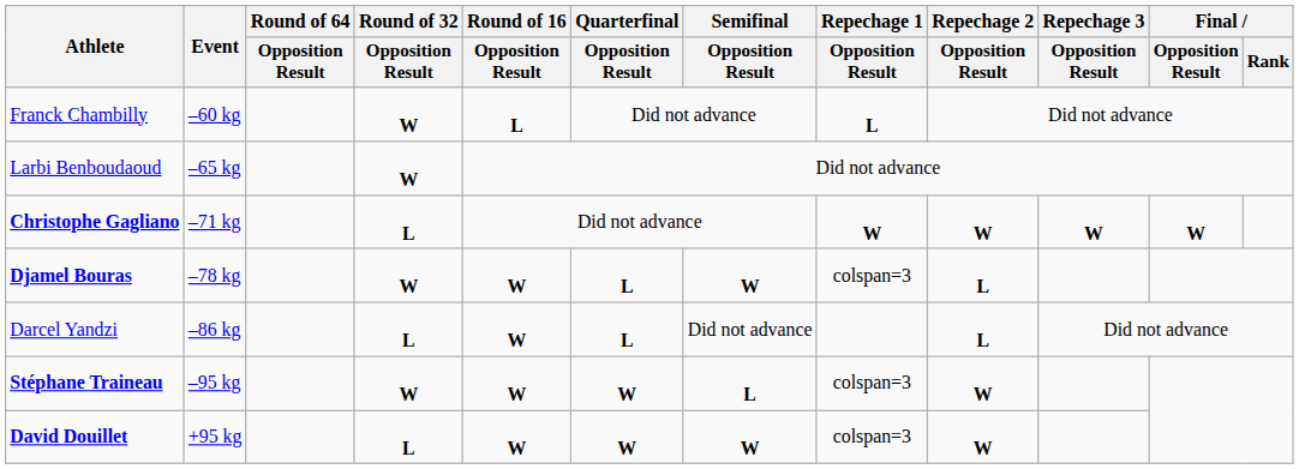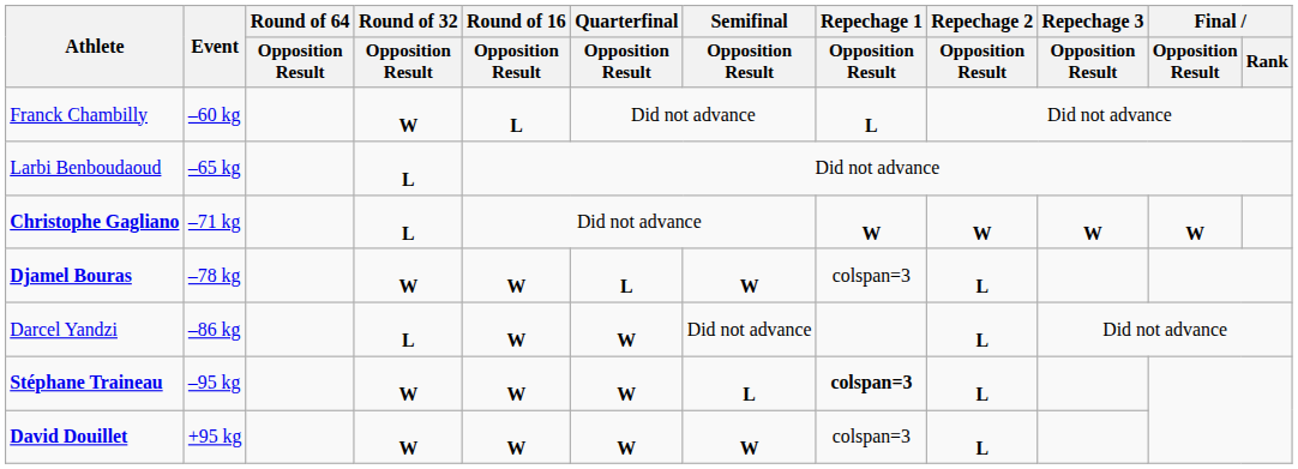 <table class=wikitable style=font-size:90%;text-align:center>
 <tr>
 <th rowspan=2>Athlete</th>
 <th rowspan=2>Event</th>
 <th>Round of 64</th>
 <th>Round of 32</th>
 <th>Round of 16</th>
 <th>Quarterfinal</th>
 <th>Semifinal</th>
 <th>Repechage 1</th>
 <th>Repechage 2</th>
 <th>Repechage 3</th>
 <th colspan=2>Final / </th>
 </tr>
 <tr style=font-size:95%>
 <th>Opposition<br>Result</th>
 <th>Opposition<br>Result</th>
 <th>Opposition<br>Result</th>
 <th>Opposition<br>Result</th>
 <th>Opposition<br>Result</th>
 <th>Opposition<br>Result</th>
 <th>Opposition<br>Result</th>
 <th>Opposition<br>Result</th>
 <th>Opposition<br>Result</th>
 <th>Rank</th>
 </tr>
 <tr>
 <td align=left><a href='#'>Franck Chambilly</a></td>
 <td align=left><a href='#'>–60 kg</a></td>
 <td></td>
 <td><br><strong>W</strong></td>
 <td><br><strong>L</strong></td>
 <td colspan=2>Did not advance</td>
 <td><br><strong>L</strong></td>
 <td colspan=4>Did not advance</td>
 </tr>
 <tr>
 <td align=left><a href='#'>Larbi Benboudaoud</a></td>
 <td align=left><a href='#'>–65 kg</a></td>
 <td></td>
-<td><br><strong>W</strong></td>
+<td><br><strong>L</strong></td>
 <td colspan=8>Did not advance</td>
 </tr>
 <tr>
 <td align=left><strong><a href='#'>Christophe Gagliano</a></strong></td>
 <td align=left><a href='#'>–71 kg</a></td>
 <td></td>
 <td><br><strong>L</strong></td>
 <td colspan=3>Did not advance</td>
 <td><br><strong>W</strong></td>
 <td><br><strong>W</strong></td>
 <td><br><strong>W</strong></td>
 <td><br><strong>W</strong></td>
 <td></td>
 </tr>
 <tr>
 <td align=left><strong><a href='#'>Djamel Bouras</a></strong></td>
 <td align=left><a href='#'>–78 kg</a></td>
 <td></td>
 <td><br><strong>W</strong></td>
 <td><br><strong>W</strong></td>
 <td><br><strong>L</strong></td>
 <td><br><strong>W</strong></td>
 <td>colspan=3 </td>
 <td><br><strong>L</strong></td>
 <td></td>
 </tr>
 <tr>
 <td align=left><a href='#'>Darcel Yandzi</a></td>
 <td align=left><a href='#'>–86 kg</a></td>
 <td></td>
 <td><br><strong>L</strong></td>
 <td><br><strong>W</strong></td>
-<td><br><strong>L</strong></td>
+<td><br><strong>W</strong></td>
 <td>Did not advance</td>
 <td></td>
 <td><br><strong>L</strong></td>
 <td colspan=3>Did not advance</td>
 </tr>
 <tr>
 <td align=left><strong><a href='#'>Stéphane Traineau</a></strong></td>
 <td align=left><a href='#'>–95 kg</a></td>
 <td></td>
 <td><br><strong>W</strong></td>
 <td><br><strong>W</strong></td>
 <td><br><strong>W</strong></td>
 <td><br><strong>L</strong></td>
-<td>colspan=3 </td>
-<td><br><strong>W</strong></td>
+<td><strong>colspan=3 </strong></td>
+<td><br><strong>L</strong></td>
 <td></td>
 </tr>
 <tr>
 <td align=left><strong><a href='#'>David Douillet</a></strong></td>
 <td align=left><a href='#'>+95 kg</a></td>
 <td></td>
-<td><br><strong>L</strong></td>
+<td><br><strong>W</strong></td>
 <td><br><strong>W</strong></td>
 <td><br><strong>W</strong></td>
 <td><br><strong>W</strong></td>
 <td>colspan=3 </td>
-<td><br><strong>W</strong></td>
+<td><br><strong>L</strong></td>
 <td></td>
 </tr>
 </table>
